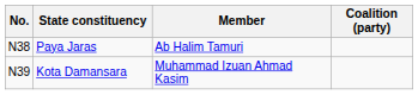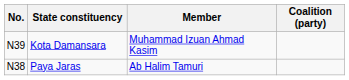 <table class="wikitable">
 <tr>
 <th width="30">No.</th>
 <th width="150">State constituency</th>
 <th width="230">Member</th>
 <th width="100">Coalition (party)</th>
 </tr>
 <tr>
+<td>N39</td>
+<td><a href='#'>Kota Damansara</a></td>
+<td><a href='#'>Muhammad Izuan Ahmad Kasim</a></td>
+<td></td>
+</tr>
+<tr>
 <td>N38</td>
 <td><a href='#'>Paya Jaras</a></td>
 <td><a href='#'>Ab Halim Tamuri</a></td>
 <td></td>
 </tr>
-<tr>
-<td>N39</td>
-<td><a href='#'>Kota Damansara</a></td>
-<td><a href='#'>Muhammad Izuan Ahmad Kasim</a></td>
-<td></td>
-</tr>
 </table>
